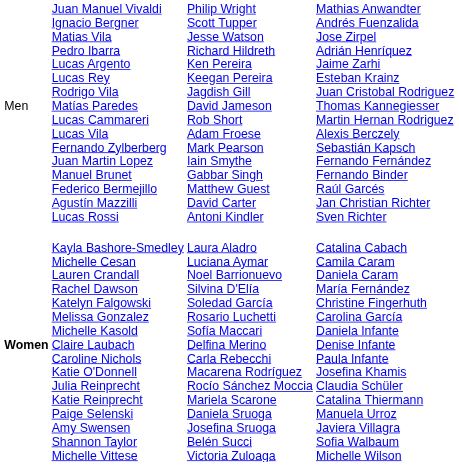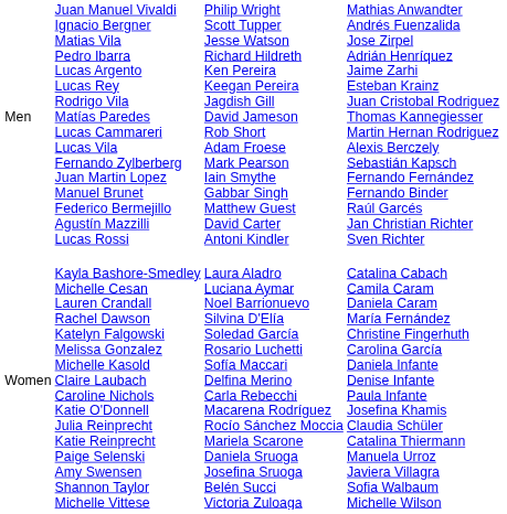 <table>
 <tr>
 <td>Men <br></td>
 <td><br><a href='#'>Juan Manuel Vivaldi</a><br><a href='#'>Ignacio Bergner</a><br><a href='#'>Matias Vila</a><br><a href='#'>Pedro Ibarra</a><br><a href='#'>Lucas Argento</a><br><a href='#'>Lucas Rey</a><br><a href='#'>Rodrigo Vila</a><br><a href='#'>Matías Paredes</a><br><a href='#'>Lucas Cammareri</a><br><a href='#'>Lucas Vila</a><br><a href='#'>Fernando Zylberberg</a><br><a href='#'>Juan Martin Lopez</a><br><a href='#'>Manuel Brunet</a><br><a href='#'>Federico Bermejillo</a><br><a href='#'>Agustín Mazzilli</a><br><a href='#'>Lucas Rossi</a></td>
 <td><br><a href='#'>Philip Wright</a><br><a href='#'>Scott Tupper</a><br><a href='#'>Jesse Watson</a><br><a href='#'>Richard Hildreth</a><br><a href='#'>Ken Pereira</a><br><a href='#'>Keegan Pereira</a><br><a href='#'>Jagdish Gill</a><br><a href='#'>David Jameson</a><br><a href='#'>Rob Short</a><br><a href='#'>Adam Froese</a><br><a href='#'>Mark Pearson</a><br><a href='#'>Iain Smythe</a><br><a href='#'>Gabbar Singh</a><br><a href='#'>Matthew Guest</a><br><a href='#'>David Carter</a><br><a href='#'>Antoni Kindler</a></td>
 <td><br><a href='#'>Mathias Anwandter</a><br><a href='#'>Andrés Fuenzalida</a><br><a href='#'>Jose Zirpel</a><br><a href='#'>Adrián Henríquez</a><br><a href='#'>Jaime Zarhi</a><br><a href='#'>Esteban Krainz</a><br><a href='#'>Juan Cristobal Rodriguez</a><br><a href='#'>Thomas Kannegiesser</a><br><a href='#'>Martin Hernan Rodriguez</a><br><a href='#'>Alexis Berczely</a><br><a href='#'>Sebastián Kapsch</a><br><a href='#'>Fernando Fernández</a><br><a href='#'>Fernando Binder</a><br><a href='#'>Raúl Garcés</a><br><a href='#'>Jan Christian Richter</a><br><a href='#'>Sven Richter</a></td>
 </tr>
 <tr>
-<td><strong>Women <br></strong></td>
+<td>Women <br></td>
 <td><br><a href='#'>Kayla Bashore-Smedley</a><br><a href='#'>Michelle Cesan</a><br><a href='#'>Lauren Crandall</a><br><a href='#'>Rachel Dawson</a><br><a href='#'>Katelyn Falgowski</a><br><a href='#'>Melissa Gonzalez</a><br><a href='#'>Michelle Kasold</a><br><a href='#'>Claire Laubach</a><br><a href='#'>Caroline Nichols</a><br><a href='#'>Katie O'Donnell</a><br><a href='#'>Julia Reinprecht</a><br><a href='#'>Katie Reinprecht</a><br><a href='#'>Paige Selenski</a><br><a href='#'>Amy Swensen</a><br><a href='#'>Shannon Taylor</a><br><a href='#'>Michelle Vittese</a></td>
 <td><br><a href='#'>Laura Aladro</a><br><a href='#'>Luciana Aymar</a><br><a href='#'>Noel Barrionuevo</a><br><a href='#'>Silvina D'Elía</a><br><a href='#'>Soledad García</a><br><a href='#'>Rosario Luchetti</a><br><a href='#'>Sofía Maccari</a><br><a href='#'>Delfina Merino</a><br><a href='#'>Carla Rebecchi</a><br><a href='#'>Macarena Rodríguez</a><br><a href='#'>Rocío Sánchez Moccia</a><br><a href='#'>Mariela Scarone</a><br><a href='#'>Daniela Sruoga</a><br><a href='#'>Josefina Sruoga</a><br><a href='#'>Belén Succi</a><br><a href='#'>Victoria Zuloaga</a></td>
 <td><br><a href='#'>Catalina Cabach</a><br><a href='#'>Camila Caram</a><br><a href='#'>Daniela Caram</a><br><a href='#'>María Fernández</a><br><a href='#'>Christine Fingerhuth</a><br><a href='#'>Carolina García</a><br><a href='#'>Daniela Infante</a><br><a href='#'>Denise Infante</a><br><a href='#'>Paula Infante</a><br><a href='#'>Josefina Khamis</a><br><a href='#'>Claudia Schüler</a><br><a href='#'>Catalina Thiermann</a><br><a href='#'>Manuela Urroz</a><br><a href='#'>Javiera Villagra</a><br><a href='#'>Sofia Walbaum</a><br><a href='#'>Michelle Wilson</a></td>
 </tr>
 </table>
